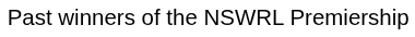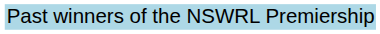 <table style="float:right;" id="toc">
 <tr>
 <td id="toc" style="padding:0;"><br></td>
 </tr>
 <tr>
-<td>Past winners of the NSWRL Premiership</td>
+<td style="background: lightblue;">Past winners of the NSWRL Premiership</td>
 </tr>
 </table>
